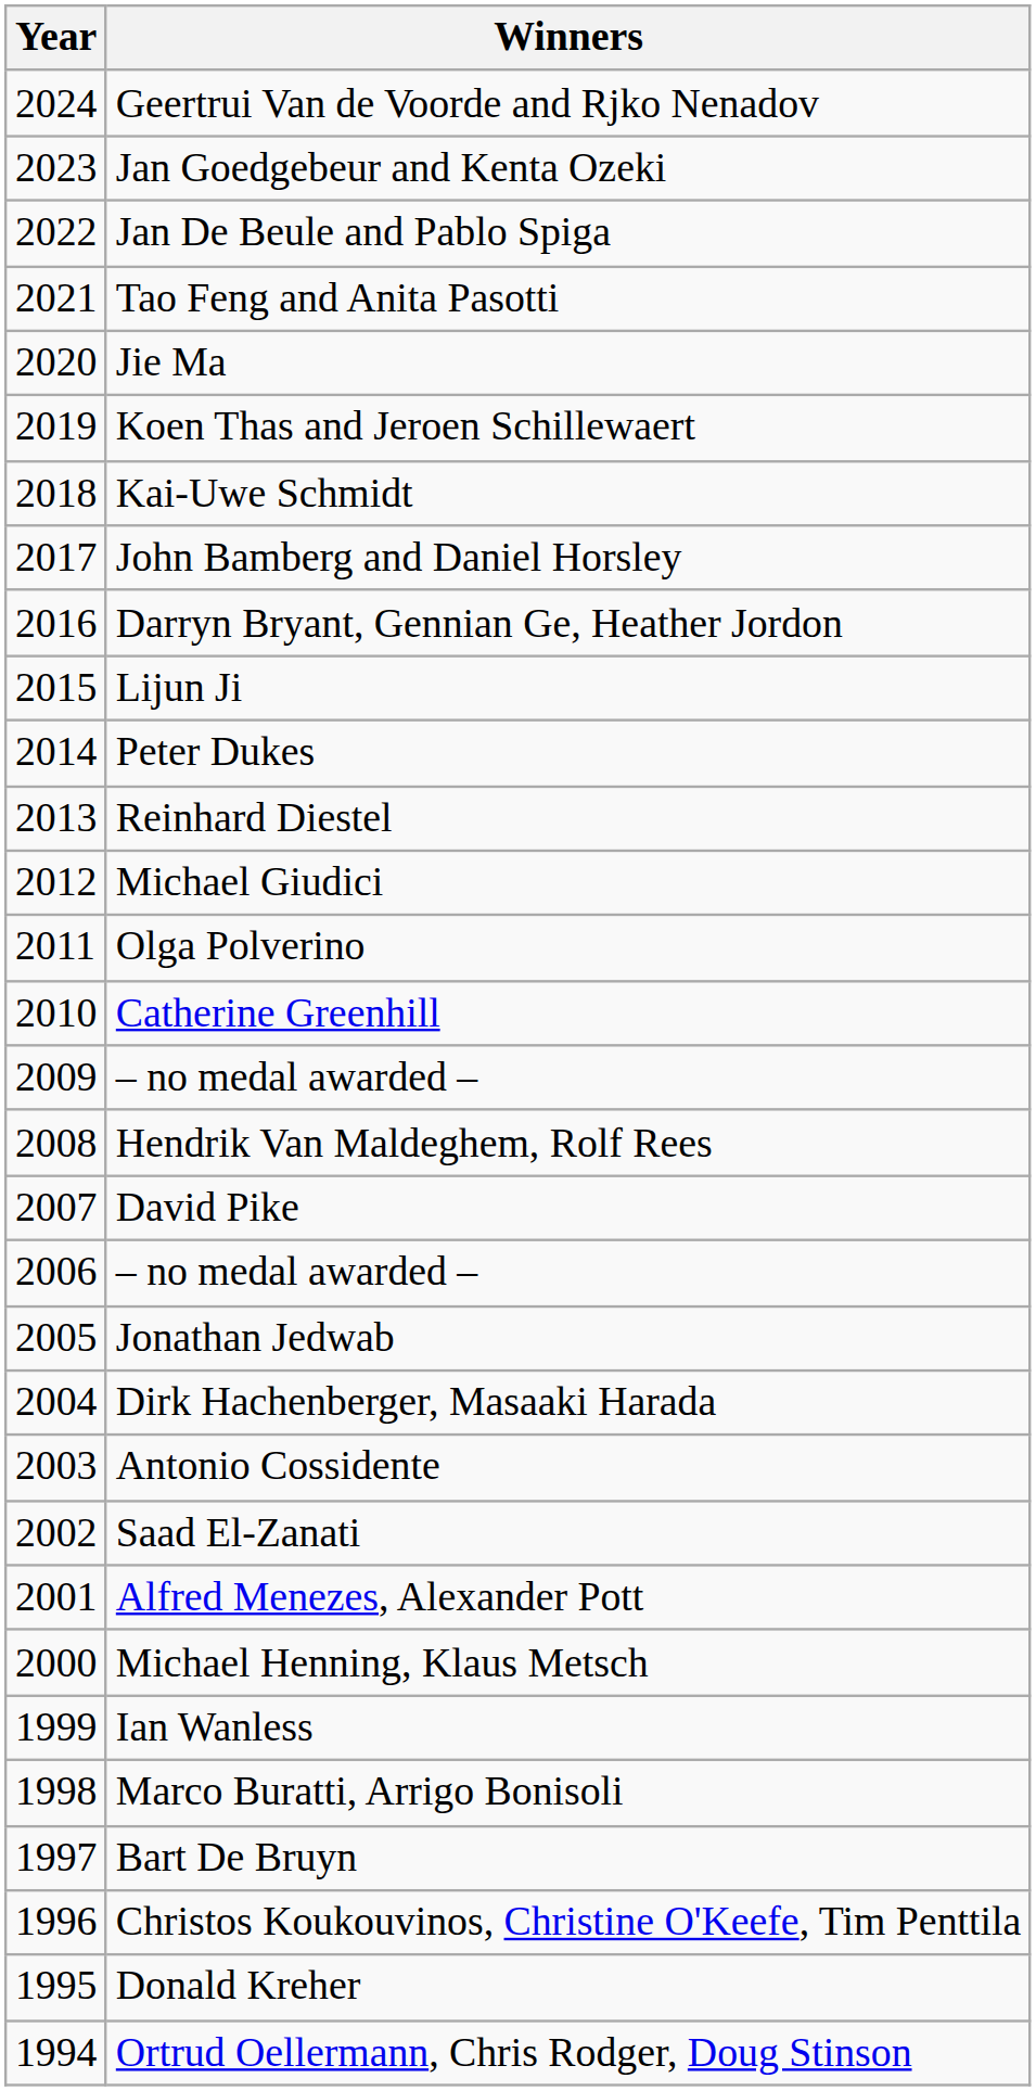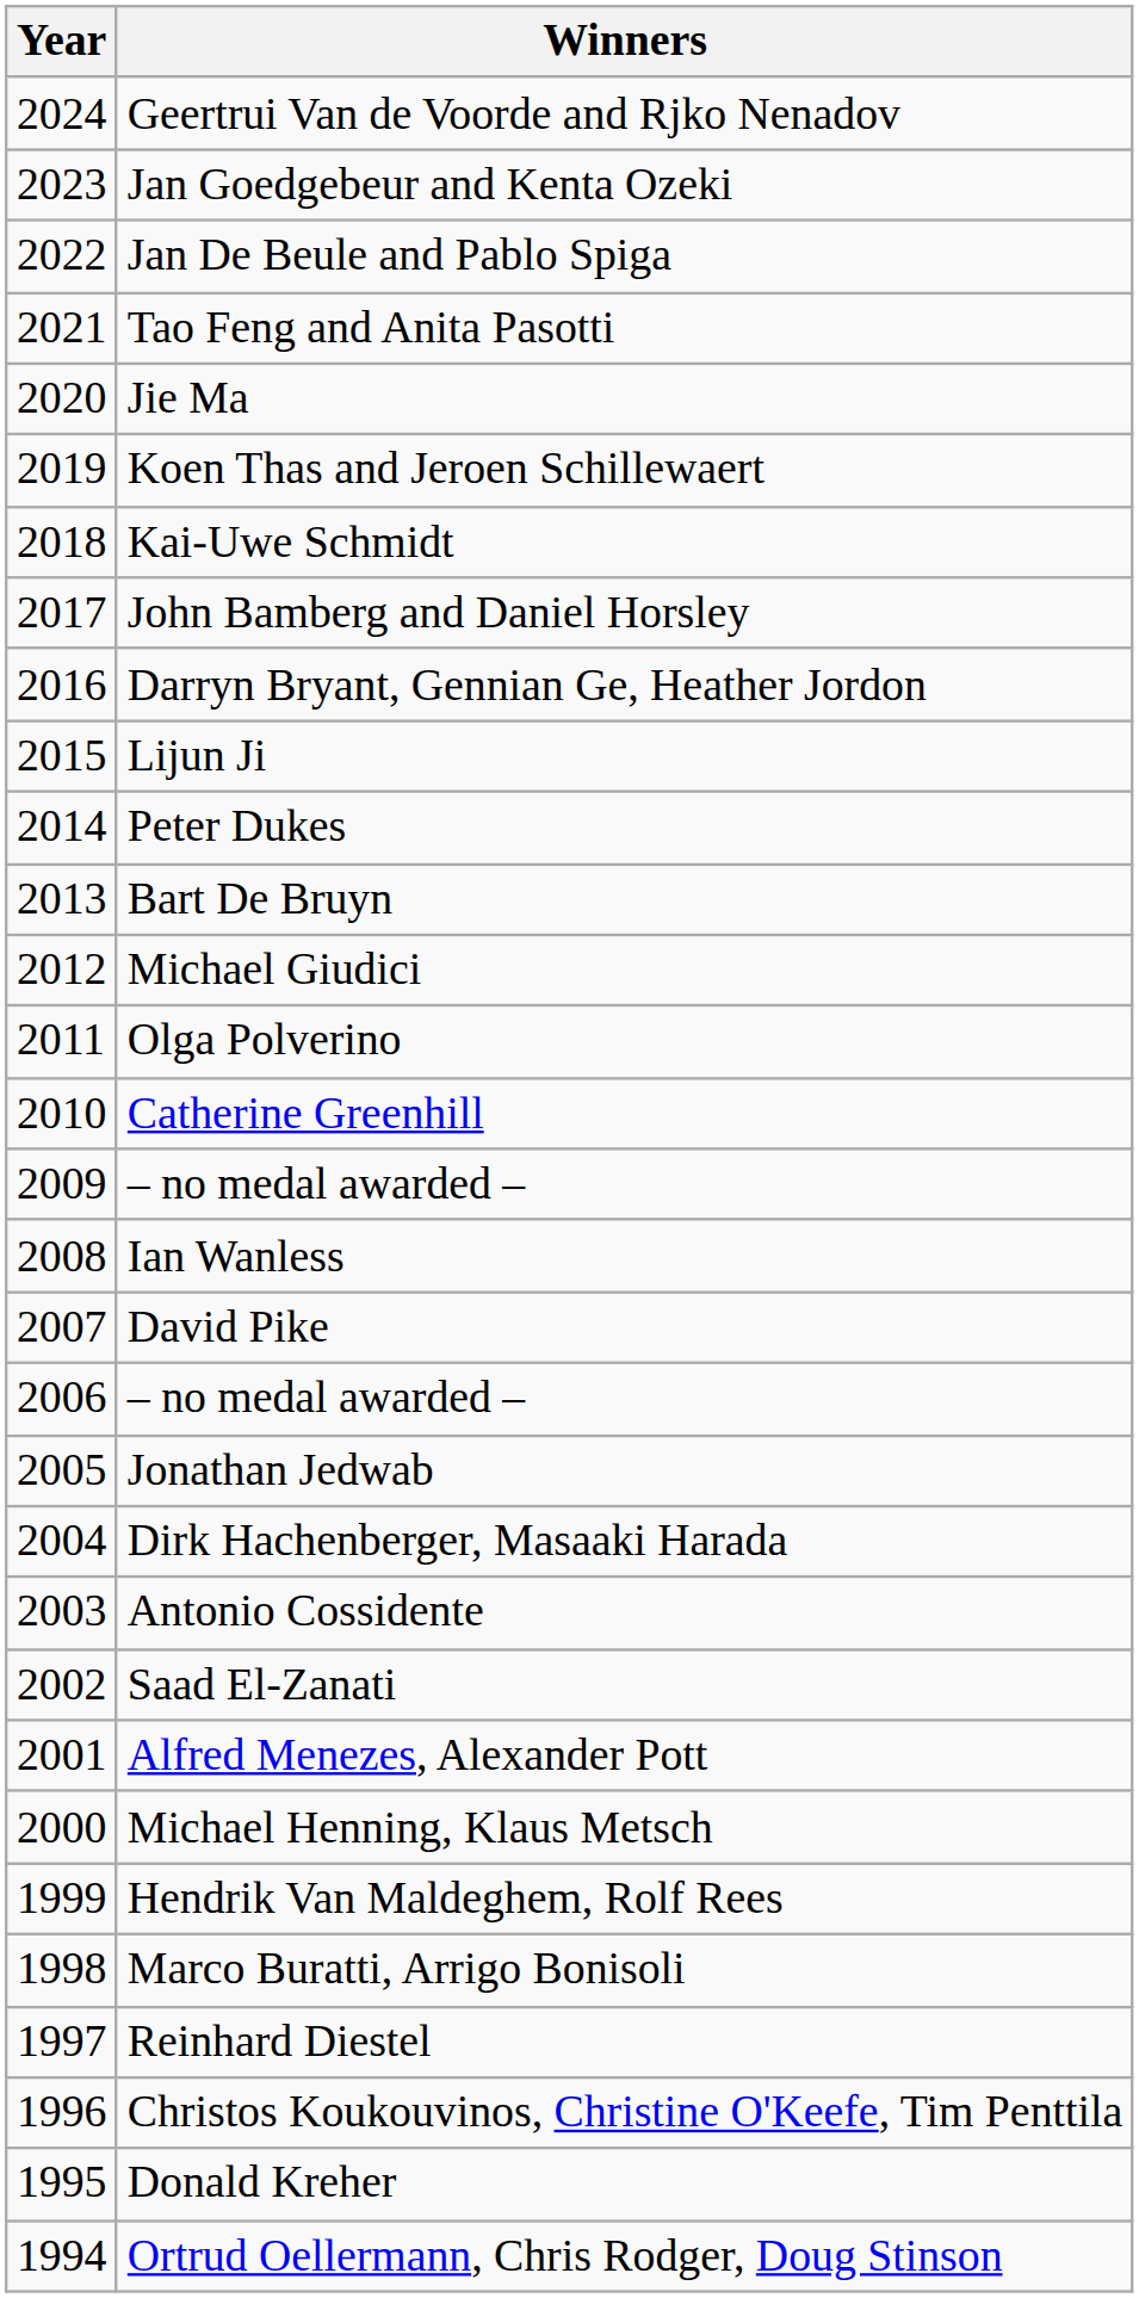 <table class="wikitable">
 <tr>
 <th>Year</th>
 <th>Winners</th>
 </tr>
 <tr>
 <td>2024</td>
 <td>Geertrui Van de Voorde and Rjko Nenadov</td>
 </tr>
 <tr>
 <td>2023</td>
 <td>Jan Goedgebeur and Kenta Ozeki</td>
 </tr>
 <tr>
 <td>2022</td>
 <td>Jan De Beule and Pablo Spiga</td>
 </tr>
 <tr>
 <td>2021</td>
 <td>Tao Feng and Anita Pasotti</td>
 </tr>
 <tr>
 <td>2020</td>
 <td>Jie Ma</td>
 </tr>
 <tr>
 <td>2019</td>
 <td>Koen Thas and Jeroen Schillewaert</td>
 </tr>
 <tr>
 <td>2018</td>
 <td>Kai-Uwe Schmidt</td>
 </tr>
 <tr>
 <td>2017</td>
 <td>John Bamberg and Daniel Horsley</td>
 </tr>
 <tr>
 <td>2016</td>
 <td>Darryn Bryant, Gennian Ge, Heather Jordon</td>
 </tr>
 <tr>
 <td>2015</td>
 <td>Lijun Ji</td>
 </tr>
 <tr>
 <td>2014</td>
 <td>Peter Dukes</td>
 </tr>
 <tr>
 <td>2013</td>
-<td>Reinhard Diestel</td>
+<td>Bart De Bruyn</td>
 </tr>
 <tr>
 <td>2012</td>
 <td>Michael Giudici</td>
 </tr>
 <tr>
 <td>2011</td>
 <td>Olga Polverino</td>
 </tr>
 <tr>
 <td>2010</td>
 <td><a href='#'>Catherine Greenhill</a></td>
 </tr>
 <tr>
 <td>2009</td>
 <td>– no medal awarded –</td>
 </tr>
 <tr>
 <td>2008</td>
-<td>Hendrik Van Maldeghem, Rolf Rees</td>
+<td>Ian Wanless</td>
 </tr>
 <tr>
 <td>2007</td>
 <td>David Pike</td>
 </tr>
 <tr>
 <td>2006</td>
 <td>– no medal awarded –</td>
 </tr>
 <tr>
 <td>2005</td>
 <td>Jonathan Jedwab</td>
 </tr>
 <tr>
 <td>2004</td>
 <td>Dirk Hachenberger, Masaaki Harada</td>
 </tr>
 <tr>
 <td>2003</td>
 <td>Antonio Cossidente</td>
 </tr>
 <tr>
 <td>2002</td>
 <td>Saad El-Zanati</td>
 </tr>
 <tr>
 <td>2001</td>
 <td><a href='#'>Alfred Menezes</a>, Alexander Pott</td>
 </tr>
 <tr>
 <td>2000</td>
 <td>Michael Henning, Klaus Metsch</td>
 </tr>
 <tr>
 <td>1999</td>
-<td>Ian Wanless</td>
+<td>Hendrik Van Maldeghem, Rolf Rees</td>
 </tr>
 <tr>
 <td>1998</td>
 <td>Marco Buratti, Arrigo Bonisoli</td>
 </tr>
 <tr>
 <td>1997</td>
-<td>Bart De Bruyn</td>
+<td>Reinhard Diestel</td>
 </tr>
 <tr>
 <td>1996</td>
 <td>Christos Koukouvinos, <a href='#'>Christine O'Keefe</a>, Tim Penttila</td>
 </tr>
 <tr>
 <td>1995</td>
 <td>Donald Kreher</td>
 </tr>
 <tr>
 <td>1994</td>
 <td><a href='#'>Ortrud Oellermann</a>, Chris Rodger, <a href='#'>Doug Stinson</a></td>
 </tr>
 </table>
